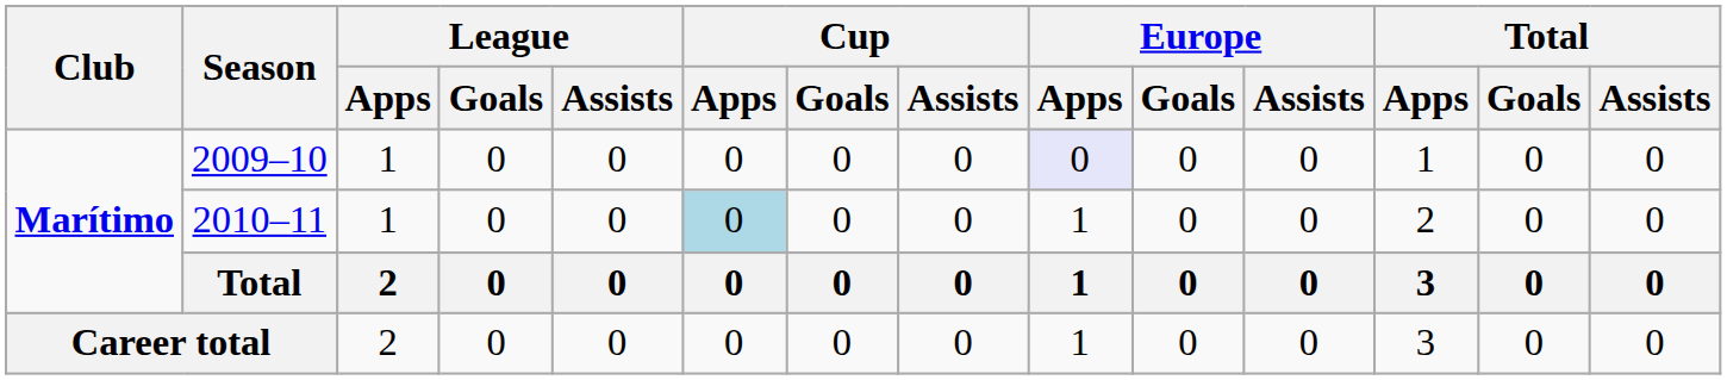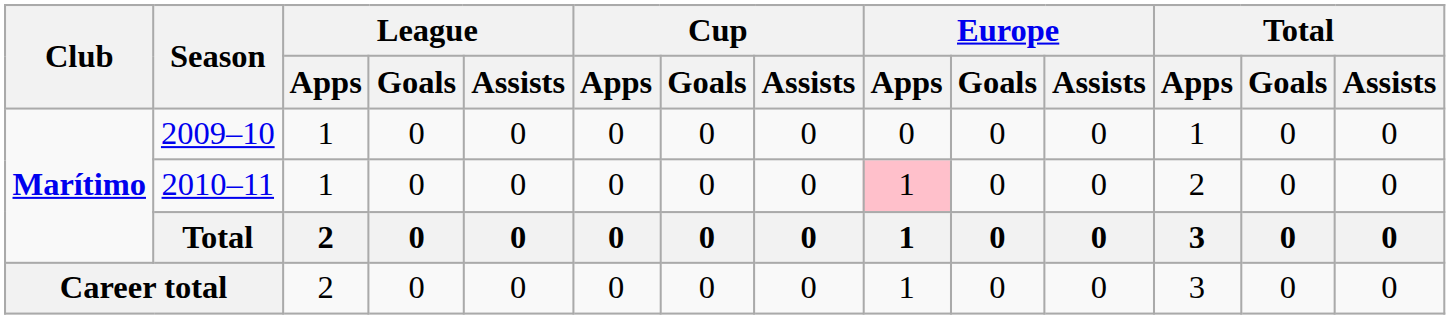 <table class="wikitable" style="font-size:100%; text-align: center;">
 <tr>
 <th rowspan="2">Club</th>
 <th rowspan="2">Season</th>
 <th colspan="3">League</th>
 <th colspan="3">Cup</th>
 <th colspan="3"><a href='#'>Europe</a></th>
 <th colspan="3">Total</th>
 </tr>
 <tr>
 <th>Apps</th>
 <th>Goals</th>
 <th>Assists</th>
 <th>Apps</th>
 <th>Goals</th>
 <th>Assists</th>
 <th>Apps</th>
 <th>Goals</th>
 <th>Assists</th>
 <th>Apps</th>
 <th>Goals</th>
 <th>Assists</th>
 </tr>
 <tr>
 <td rowspan="3" valign="center"><strong><a href='#'>Marítimo</a></strong></td>
 <td><a href='#'>2009–10</a></td>
 <td>1</td>
 <td>0</td>
 <td>0</td>
 <td>0</td>
 <td>0</td>
 <td>0</td>
-<td style="background: lavender;">0</td>
+<td>0</td>
 <td>0</td>
 <td>0</td>
 <td>1</td>
 <td>0</td>
 <td>0</td>
 </tr>
 <tr>
 <td><a href='#'>2010–11</a></td>
 <td>1</td>
 <td>0</td>
 <td>0</td>
-<td style="background: lightblue;">0</td>
 <td>0</td>
 <td>0</td>
-<td>1</td>
+<td>0</td>
+<td style="background: pink;">1</td>
 <td>0</td>
 <td>0</td>
 <td>2</td>
 <td>0</td>
 <td>0</td>
 </tr>
 <tr>
 <th colspan="1">Total</th>
 <th>2</th>
 <th>0</th>
 <th>0</th>
 <th>0</th>
 <th>0</th>
 <th>0</th>
 <th>1</th>
 <th>0</th>
 <th>0</th>
 <th>3</th>
 <th>0</th>
 <th>0</th>
 </tr>
 <tr>
 <th colspan="2">Career total</th>
 <td>2</td>
 <td>0</td>
 <td>0</td>
 <td>0</td>
 <td>0</td>
 <td>0</td>
 <td>1</td>
 <td>0</td>
 <td>0</td>
 <td>3</td>
 <td>0</td>
 <td>0</td>
 </tr>
 </table>
